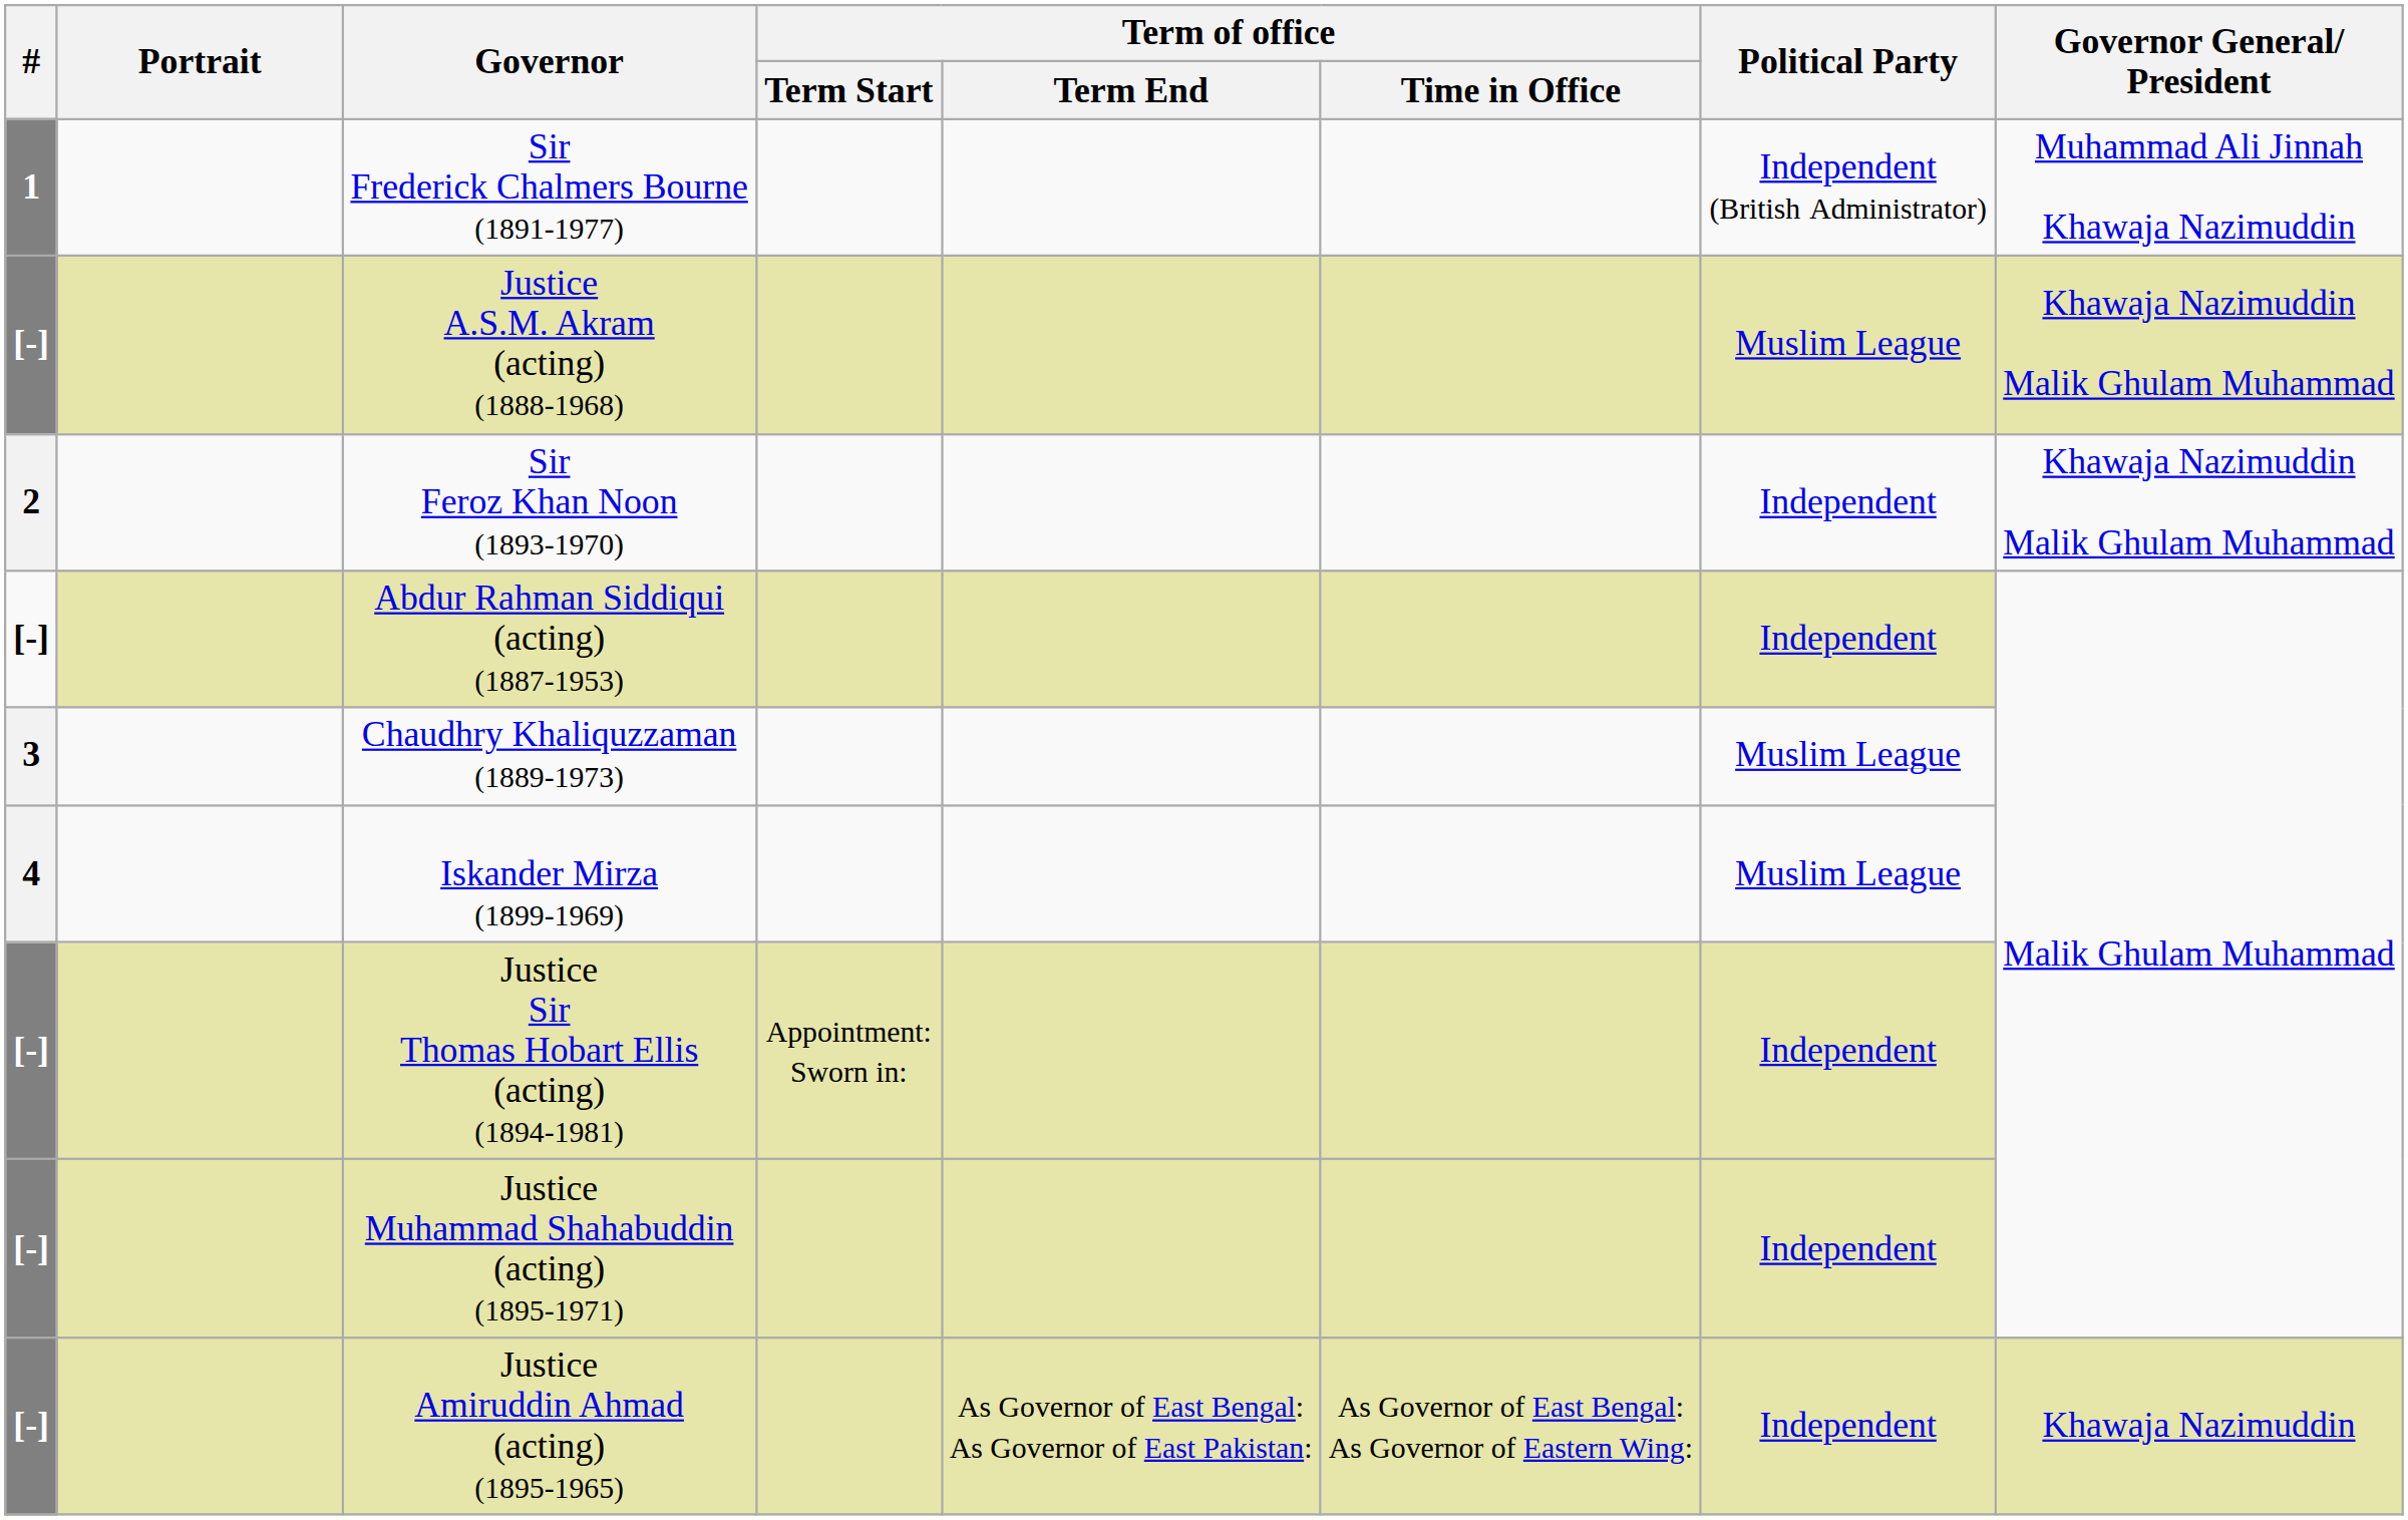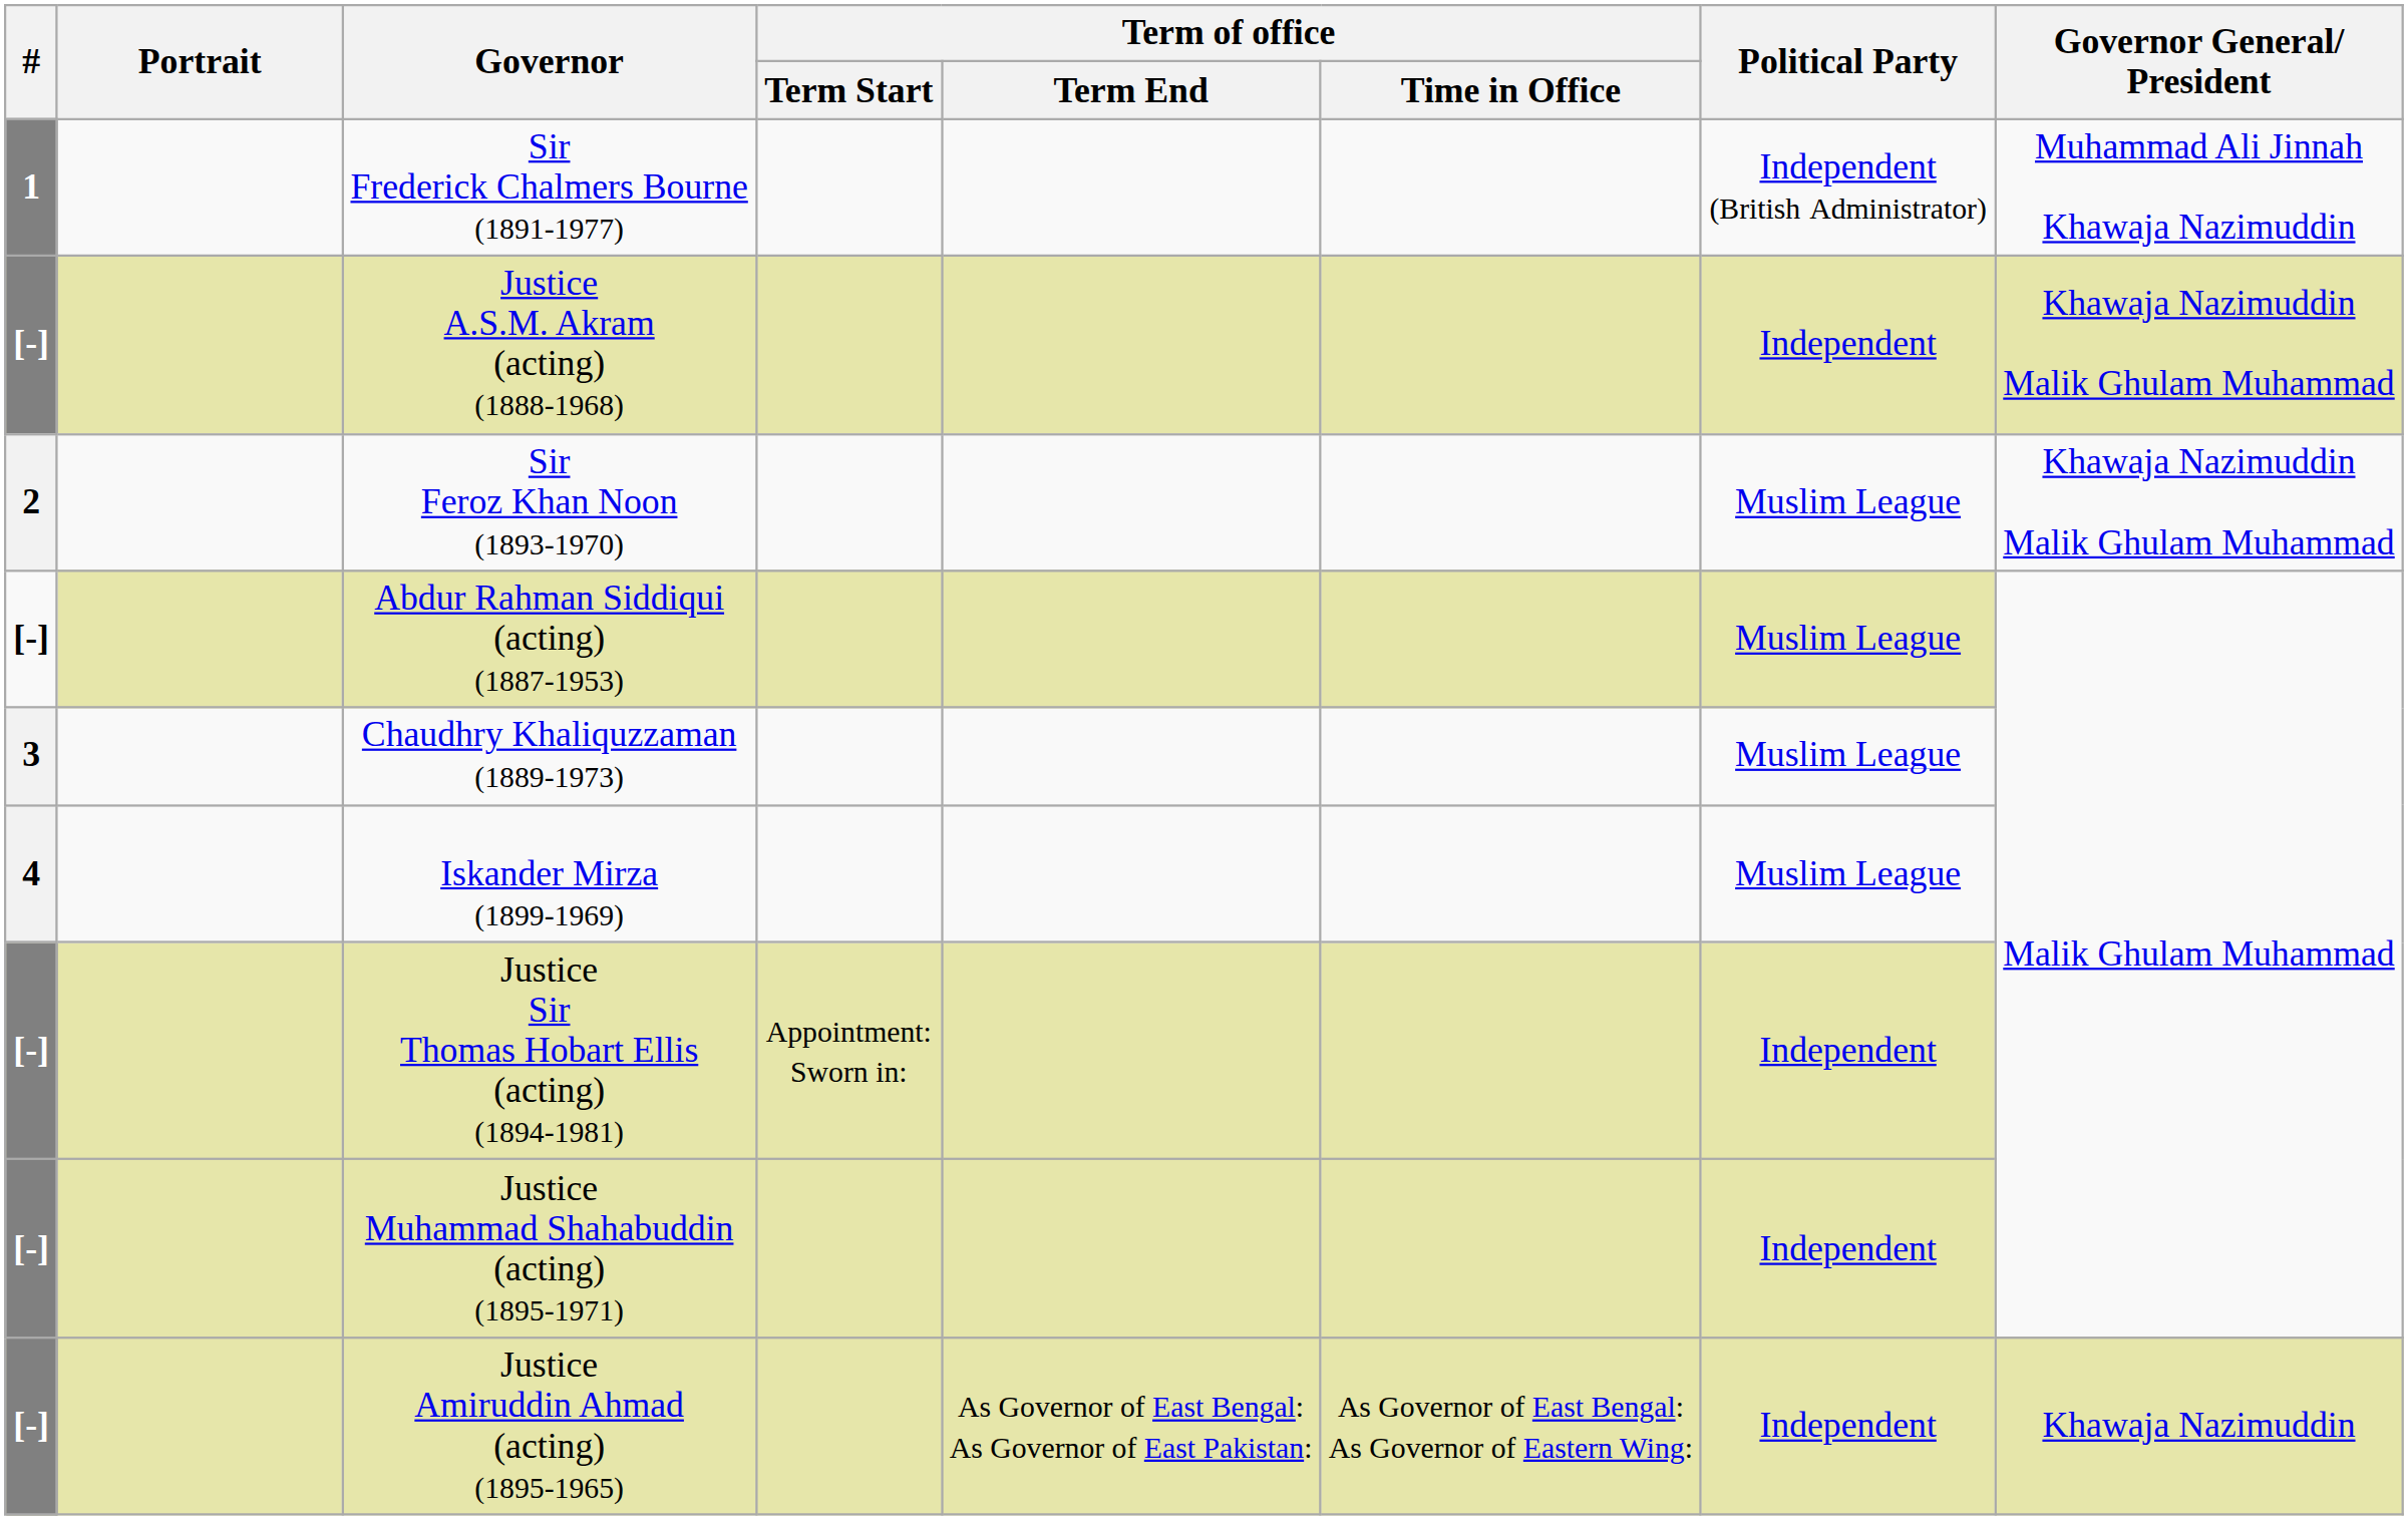 <table class="wikitable sortable" style="text-align:center">
 <tr>
 <th rowspan="2" class="unsortable">#</th>
 <th rowspan="2" class="unsortable" style="width:120px;">Portrait</th>
 <th rowspan="2">Governor</th>
 <th colspan="3">Term of office</th>
 <th rowspan="2">Political Party</th>
 <th rowspan="2">Governor General/<br>President</th>
 </tr>
 <tr>
 <th>Term Start</th>
 <th>Term End</th>
 <th>Time in Office</th>
 </tr>
 <tr>
 <th style="background-color: gray; color:white">1</th>
 <td></td>
 <td><a href='#'>Sir</a><br><a href='#'>Frederick Chalmers Bourne</a><br><small>(1891-1977)</small></td>
 <td></td>
 <td></td>
 <td></td>
 <td><a href='#'>Independent</a><br><small>(British</small> <small>Administrator)</small></td>
 <td style="padding:0;"><div><a href='#'>Muhammad Ali Jinnah</a></div><br><div><a href='#'>Khawaja Nazimuddin</a></div></td>
 </tr>
 <tr style="background:#e6e6aa;">
 <td style="background-color:gray; color:white;"><strong>[-]</strong></td>
 <td></td>
 <td><a href='#'>Justice</a><br><a href='#'>A.S.M. Akram</a><br>(acting)<br><small>(1888-1968)</small></td>
 <td></td>
 <td></td>
 <td></td>
-<td><a href='#'>Muslim League</a></td>
+<td><a href='#'>Independent</a></td>
 <td style="padding:0;"><div><a href='#'>Khawaja Nazimuddin</a></div><br><div><a href='#'>Malik Ghulam Muhammad</a></div></td>
 </tr>
 <tr>
 <th style="background-color: ">2</th>
 <td></td>
 <td><a href='#'>Sir</a><br><a href='#'>Feroz Khan Noon</a><br><small>(1893-1970)</small></td>
 <td></td>
 <td></td>
 <td></td>
-<td><a href='#'>Independent</a></td>
+<td><a href='#'>Muslim League</a></td>
 <td style="padding:0;"><div><a href='#'>Khawaja Nazimuddin</a></div><br><div><a href='#'>Malik Ghulam Muhammad</a></div></td>
 </tr>
 <tr>
 <td style="background-color: "><strong>[-]</strong></td>
 <td style="background:#e6e6aa;"></td>
 <td style="background:#e6e6aa;"><a href='#'>Abdur Rahman Siddiqui</a><br>(acting)<br><small>(1887-1953)</small></td>
 <td style="background:#e6e6aa;"></td>
 <td style="background:#e6e6aa;"></td>
 <td style="background:#e6e6aa;"></td>
-<td style="background:#e6e6aa;"><a href='#'>Independent</a></td>
+<td style="background:#e6e6aa;"><a href='#'>Muslim League</a></td>
 <td rowspan="5"><a href='#'>Malik Ghulam Muhammad</a></td>
 </tr>
 <tr>
 <th style="background-color: ">3</th>
 <td></td>
 <td><a href='#'>Chaudhry Khaliquzzaman</a><br><small>(1889-1973)</small></td>
 <td></td>
 <td></td>
 <td></td>
 <td><a href='#'>Muslim League</a></td>
 </tr>
 <tr>
 <th style="background-color: ">4</th>
 <td></td>
 <td><br><a href='#'>Iskander Mirza</a><br><small>(1899-1969)</small></td>
 <td></td>
 <td></td>
 <td></td>
 <td><a href='#'>Muslim League</a></td>
 </tr>
 <tr style="background:#e6e6aa;">
 <td style="background-color:gray; color:white;"><strong>[-]</strong></td>
 <td></td>
 <td>Justice<br><a href='#'>Sir</a><br><a href='#'>Thomas Hobart Ellis</a><br>(acting)<br><small>(1894-1981)</small></td>
 <td><small>Appointment:</small><br><small>Sworn in:</small> </td>
 <td></td>
 <td></td>
 <td><a href='#'>Independent</a></td>
 </tr>
 <tr>
 <th style="background-color: gray; color:white"><strong>[-]</strong></th>
 <td style="background:#e6e6aa;"></td>
 <td style="background:#e6e6aa;">Justice<br><a href='#'>Muhammad Shahabuddin</a><br>(acting)<br><small>(1895-1971)</small></td>
 <td style="background:#e6e6aa;"></td>
 <td style="background:#e6e6aa;"></td>
 <td style="background:#e6e6aa;"></td>
 <td style="background:#e6e6aa;"><a href='#'>Independent</a></td>
 </tr>
 <tr style="background:#e6e6aa;">
 <td style="background-color:gray; color:white;"><strong>[-]</strong></td>
 <td></td>
 <td>Justice<br><a href='#'>Amiruddin Ahmad</a><br>(acting)<br><small>(1895-1965)</small></td>
 <td></td>
 <td><small>As Governor of <a href='#'>East Bengal</a>:</small><br><small>As Governor of <a href='#'>East Pakistan</a></small><small>:</small><br></td>
 <td><small>As Governor of <a href='#'>East Bengal</a>:</small><br><small>As Governor of <a href='#'>Eastern Wing</a>:</small> </td>
 <td><a href='#'>Independent</a></td>
 <td><a href='#'>Khawaja Nazimuddin</a></td>
 </tr>
 </table>
